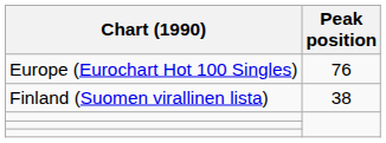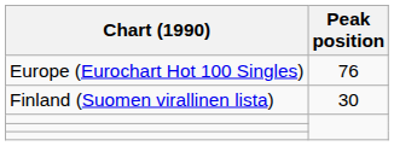 <table class="wikitable sortable">
 <tr>
 <th>Chart (1990)</th>
 <th>Peak<br>position</th>
 </tr>
 <tr>
 <td align="left">Europe (<a href='#'>Eurochart Hot 100 Singles</a>)</td>
 <td align="center">76</td>
 </tr>
 <tr>
 <td align="left">Finland (<a href='#'>Suomen virallinen lista</a>)</td>
-<td align="center">38</td>
+<td align="center">30</td>
 </tr>
 <tr>
 <td></td>
 </tr>
 <tr>
 <td></td>
 </tr>
 <tr>
 <td></td>
 </tr>
 </table>
